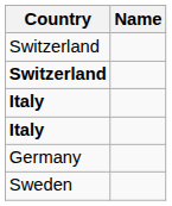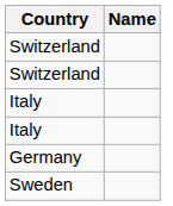 <table class="wikitable">
 <tr>
 <th>Country</th>
 <th>Name</th>
 </tr>
 <tr>
 <td>Switzerland</td>
 <td></td>
 </tr>
 <tr>
-<td><strong>Switzerland</strong></td>
+<td>Switzerland</td>
 <td></td>
 </tr>
 <tr>
-<td><strong>Italy</strong></td>
+<td>Italy</td>
 <td></td>
 </tr>
 <tr>
-<td><strong>Italy</strong></td>
+<td>Italy</td>
 <td></td>
 </tr>
 <tr>
 <td>Germany</td>
 <td></td>
 </tr>
 <tr>
 <td>Sweden</td>
 <td></td>
 </tr>
 </table>
